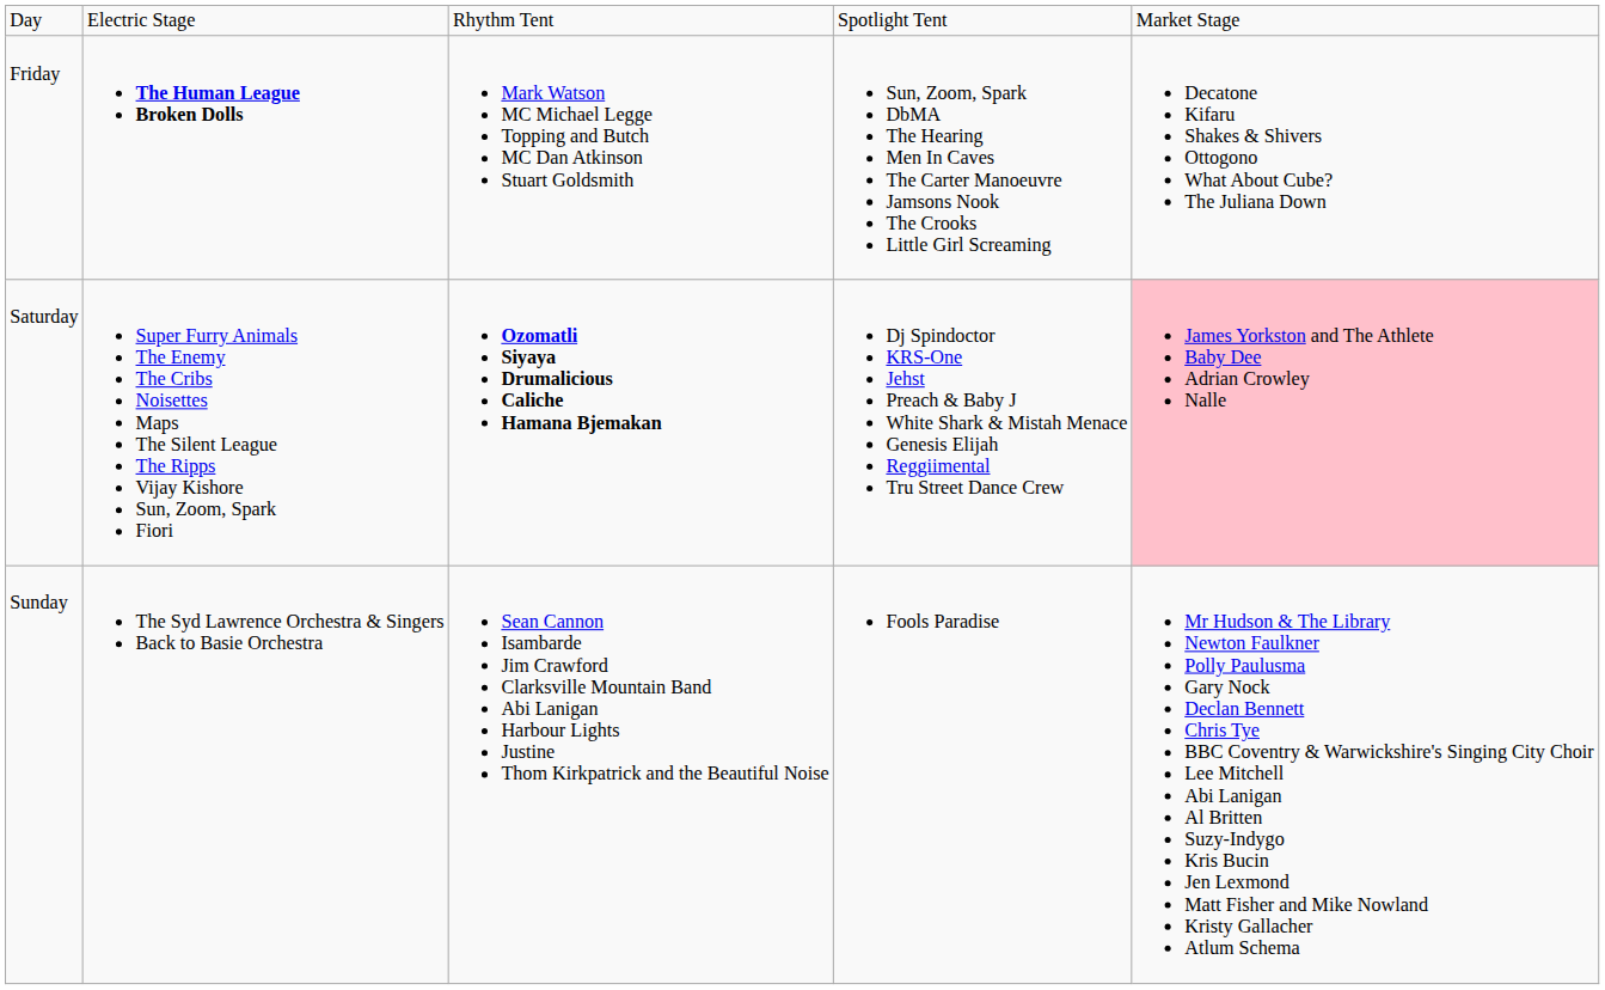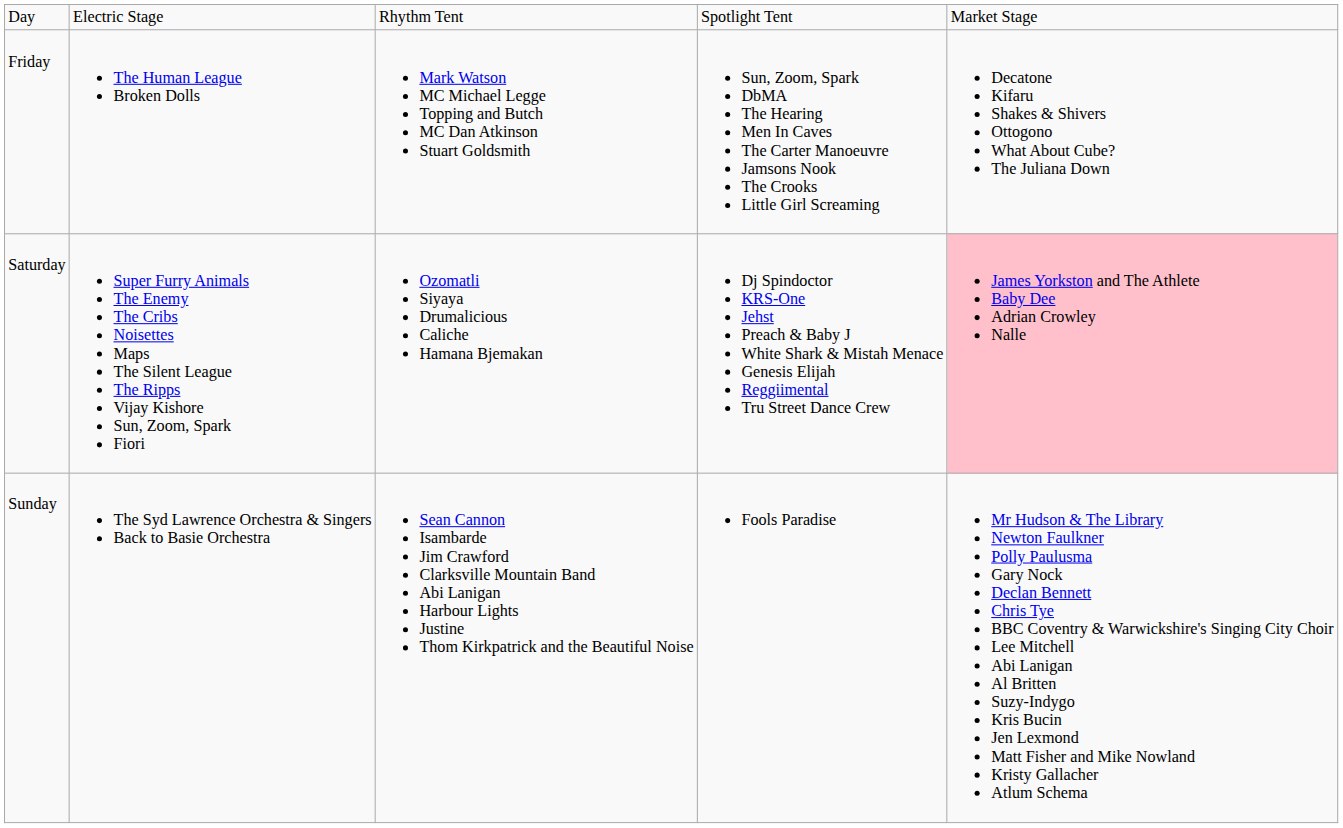 <table class="wikitable">
 <tr>
 <td>Day</td>
 <td>Electric Stage</td>
 <td>Rhythm Tent</td>
 <td>Spotlight Tent</td>
 <td>Market Stage</td>
 </tr>
 <tr valign="top">
 <td><br>Friday</td>
-<td><strong><br><ul><li><a href='#'>The Human League</a></li><li>Broken Dolls</li></ul></strong></td>
+<td><br><ul><li><a href='#'>The Human League</a></li><li>Broken Dolls</li></ul></td>
 <td><br><ul><li><a href='#'>Mark Watson</a></li><li>MC Michael Legge</li><li>Topping and Butch</li><li>MC Dan Atkinson</li><li>Stuart Goldsmith</li></ul></td>
 <td><br><ul><li>Sun, Zoom, Spark</li><li>DbMA</li><li>The Hearing</li><li>Men In Caves</li><li>The Carter Manoeuvre</li><li>Jamsons Nook</li><li>The Crooks</li><li>Little Girl Screaming</li></ul></td>
 <td><br><ul><li>Decatone</li><li>Kifaru</li><li>Shakes & Shivers</li><li>Ottogono</li><li>What About Cube?</li><li>The Juliana Down</li></ul></td>
 </tr>
 <tr valign="top">
 <td><br>Saturday</td>
 <td><br><ul><li><a href='#'>Super Furry Animals</a></li><li><a href='#'>The Enemy</a></li><li><a href='#'>The Cribs</a></li><li><a href='#'>Noisettes</a></li><li>Maps</li><li>The Silent League</li><li><a href='#'>The Ripps</a></li><li>Vijay Kishore</li><li>Sun, Zoom, Spark</li><li>Fiori</li></ul></td>
-<td><strong><br><ul><li><a href='#'>Ozomatli</a></li><li>Siyaya</li><li>Drumalicious</li><li>Caliche</li><li>Hamana Bjemakan</li></ul></strong></td>
+<td><br><ul><li><a href='#'>Ozomatli</a></li><li>Siyaya</li><li>Drumalicious</li><li>Caliche</li><li>Hamana Bjemakan</li></ul></td>
 <td><br><ul><li>Dj Spindoctor</li><li><a href='#'>KRS-One</a></li><li><a href='#'>Jehst</a></li><li>Preach & Baby J</li><li>White Shark & Mistah Menace</li><li>Genesis Elijah</li><li><a href='#'>Reggiimental</a></li><li>Tru Street Dance Crew</li></ul></td>
 <td style="background: pink;"><br><ul><li><a href='#'>James Yorkston</a> and The Athlete</li><li><a href='#'>Baby Dee</a></li><li>Adrian Crowley</li><li>Nalle</li></ul></td>
 </tr>
 <tr valign="top">
 <td><br>Sunday</td>
 <td><br><ul><li>The Syd Lawrence Orchestra & Singers</li><li>Back to Basie Orchestra</li></ul></td>
 <td><br><ul><li><a href='#'>Sean Cannon</a></li><li>Isambarde</li><li>Jim Crawford</li><li>Clarksville Mountain Band</li><li>Abi Lanigan</li><li>Harbour Lights</li><li>Justine</li><li>Thom Kirkpatrick and the Beautiful Noise</li></ul></td>
 <td><br><ul><li>Fools Paradise</li></ul></td>
 <td><br><ul><li><a href='#'>Mr Hudson & The Library</a></li><li><a href='#'>Newton Faulkner</a></li><li><a href='#'>Polly Paulusma</a></li><li>Gary Nock</li><li><a href='#'>Declan Bennett</a></li><li><a href='#'>Chris Tye</a></li><li>BBC Coventry & Warwickshire's Singing City Choir</li><li>Lee Mitchell</li><li>Abi Lanigan</li><li>Al Britten</li><li>Suzy-Indygo</li><li>Kris Bucin</li><li>Jen Lexmond</li><li>Matt Fisher and Mike Nowland</li><li>Kristy Gallacher</li><li>Atlum Schema</li></ul></td>
 </tr>
 </table>
